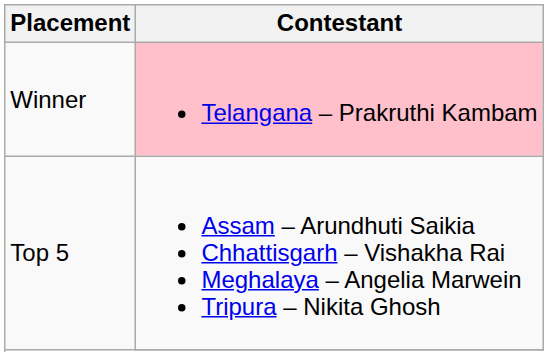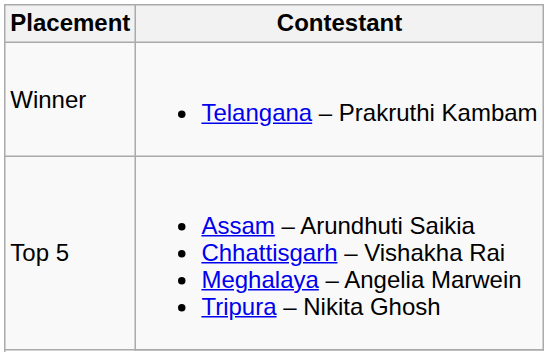 <table class="wikitable">
 <tr>
 <th>Placement</th>
 <th>Contestant</th>
 </tr>
 <tr>
 <td>Winner</td>
-<td style="background: pink;"><br><ul><li><a href='#'>Telangana</a> – Prakruthi Kambam</li></ul></td>
+<td><br><ul><li><a href='#'>Telangana</a> – Prakruthi Kambam</li></ul></td>
 </tr>
 <tr>
 <td rowspan=5>Top 5</td>
 <td><br><ul><li><a href='#'>Assam</a> – Arundhuti Saikia</li><li><a href='#'>Chhattisgarh</a> – Vishakha Rai</li><li><a href='#'>Meghalaya</a> – Angelia Marwein</li><li><a href='#'>Tripura</a> – Nikita Ghosh</li></ul></td>
 </tr>
 <tr>
 </tr>
 </table>
